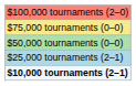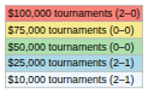 <table class=wikitable style="font-size:85%">
 <tr bgcolor=f88379>
 <td>$100,000 tournaments (2–0)</td>
 </tr>
 <tr bgcolor=f7e98e>
 <td>$75,000 tournaments (0–0)</td>
 </tr>
 <tr bgcolor=addfad>
 <td>$50,000 tournaments (0–0)</td>
 </tr>
 <tr bgcolor=lightblue>
 <td>$25,000 tournaments (2–1)</td>
 </tr>
 <tr bgcolor=f0f8ff>
-<td><strong>$10,000 tournaments (2–1)</strong></td>
+<td>$10,000 tournaments (2–1)</td>
 </tr>
 </table>
